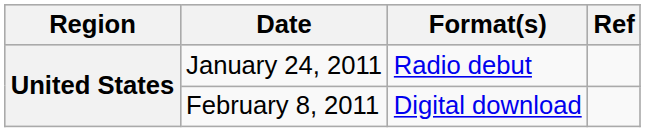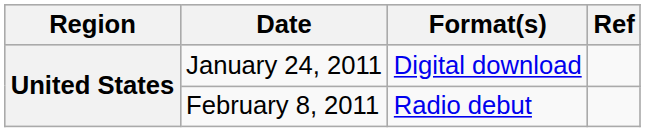 <table class="wikitable plainrowheaders">
 <tr>
 <th scope="col">Region</th>
 <th scope="col">Date</th>
 <th scope="col">Format(s)</th>
 <th scope="col">Ref</th>
 </tr>
 <tr>
 <th scope="row"  rowspan="2">United States</th>
 <td>January 24, 2011</td>
-<td><a href='#'>Radio debut</a></td>
+<td><a href='#'>Digital download</a></td>
 <td></td>
 </tr>
 <tr>
 <td>February 8, 2011</td>
-<td><a href='#'>Digital download</a></td>
+<td><a href='#'>Radio debut</a></td>
 <td></td>
 </tr>
 </table>
